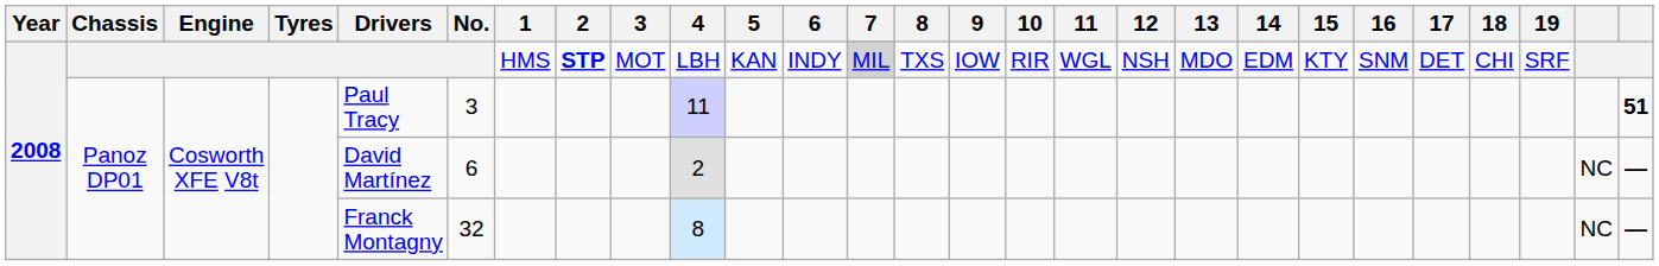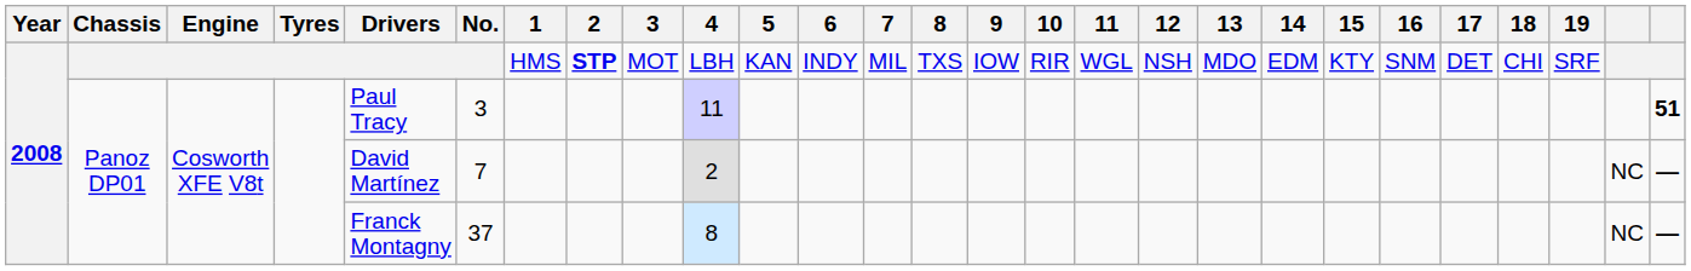 <table class="wikitable" style="text-align:center; font-size:90%">
 <tr>
 <th>Year</th>
 <th>Chassis</th>
 <th>Engine</th>
 <th>Tyres</th>
 <th>Drivers</th>
 <th>No.</th>
 <th>1</th>
 <th>2</th>
 <th>3</th>
 <th>4</th>
 <th>5</th>
 <th>6</th>
 <th>7</th>
 <th>8</th>
 <th>9</th>
 <th>10</th>
 <th>11</th>
 <th>12</th>
 <th>13</th>
 <th>14</th>
 <th>15</th>
 <th>16</th>
 <th>17</th>
 <th>18</th>
 <th>19</th>
 <th></th>
 <th></th>
 </tr>
 <tr>
 <th rowspan="4"><a href='#'>2008</a></th>
 <th colspan=5></th>
 <td><a href='#'>HMS</a></td>
 <td><strong><a href='#'>STP</a></strong></td>
 <td><a href='#'>MOT</a></td>
 <td><a href='#'>LBH</a></td>
 <td><a href='#'>KAN</a></td>
 <td><a href='#'>INDY</a></td>
-<td style="background: lightgrey;"><a href='#'>MIL</a></td>
+<td><a href='#'>MIL</a></td>
 <td><a href='#'>TXS</a></td>
 <td><a href='#'>IOW</a></td>
 <td><a href='#'>RIR</a></td>
 <td><a href='#'>WGL</a></td>
 <td><a href='#'>NSH</a></td>
 <td><a href='#'>MDO</a></td>
 <td><a href='#'>EDM</a></td>
 <td><a href='#'>KTY</a></td>
 <td><a href='#'>SNM</a></td>
 <td><a href='#'>DET</a></td>
 <td><a href='#'>CHI</a></td>
 <td><a href='#'>SRF</a></td>
 <th colspan=2></th>
 </tr>
 <tr>
 <td rowspan=3><a href='#'>Panoz</a> <a href='#'>DP01</a></td>
 <td rowspan=3><a href='#'>Cosworth</a> <a href='#'>XFE</a> <a href='#'>V8</a><a href='#'>t</a></td>
 <td rowspan=3></td>
 <td align="left"> <a href='#'>Paul Tracy</a></td>
 <td>3</td>
 <td></td>
 <td></td>
 <td></td>
 <td style="background:#cfcfff; text-align:center;">11</td>
 <td></td>
 <td></td>
 <td></td>
 <td></td>
 <td></td>
 <td></td>
 <td></td>
 <td></td>
 <td></td>
 <td></td>
 <td></td>
 <td></td>
 <td></td>
 <td></td>
 <td></td>
 <td></td>
 <td><strong>51</strong></td>
 </tr>
 <tr>
 <td align="left"> <a href='#'>David Martínez</a></td>
-<td>6</td>
+<td>7</td>
 <td></td>
 <td></td>
 <td></td>
 <td style="background:#dfdfdf; text-align:center;">2</td>
 <td></td>
 <td></td>
 <td></td>
 <td></td>
 <td></td>
 <td></td>
 <td></td>
 <td></td>
 <td></td>
 <td></td>
 <td></td>
 <td></td>
 <td></td>
 <td></td>
 <td></td>
 <td>NC</td>
 <td><strong>—</strong></td>
 </tr>
 <tr>
 <td align="left"> <a href='#'>Franck Montagny</a></td>
-<td>32</td>
+<td>37</td>
 <td></td>
 <td></td>
 <td></td>
 <td style="background:#cfeaff; text-align:center;">8</td>
 <td></td>
 <td></td>
 <td></td>
 <td></td>
 <td></td>
 <td></td>
 <td></td>
 <td></td>
 <td></td>
 <td></td>
 <td></td>
 <td></td>
 <td></td>
 <td></td>
 <td></td>
 <td>NC</td>
 <td><strong>—</strong></td>
 </tr>
 </table>
